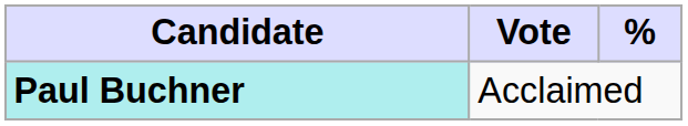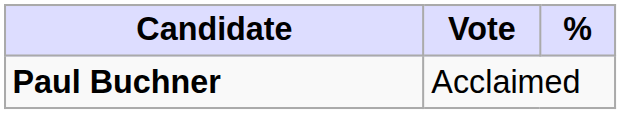 <table class="wikitable">
 <tr>
 <th style="background:#ddf; width:200px;">Candidate</th>
 <th style="background:#ddf; width:50px;">Vote</th>
 <th style="background:#ddf; width:30px;">%</th>
 </tr>
 <tr>
-<td style="background: paleturquoise;"><strong>Paul Buchner</strong></td>
+<td><strong>Paul Buchner</strong></td>
 <td colspan="2">Acclaimed</td>
 </tr>
 </table>
